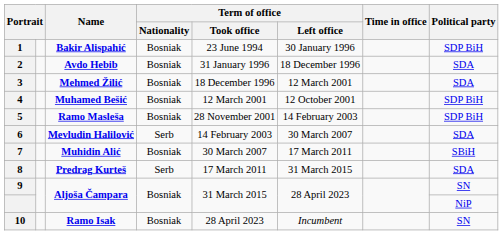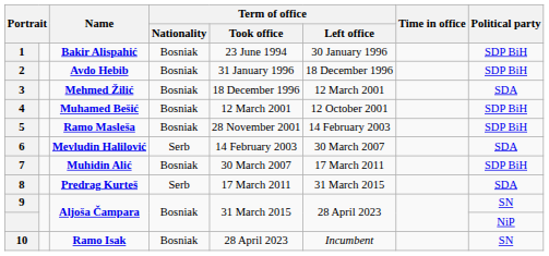 <table class="wikitable sortable" style="text-align: center;font-size:90%; border:1px #AAAAFF solid">
 <tr>
 <th rowspan=2 colspan=2>Portrait</th>
 <th rowspan=2>Name<br></th>
 <th colspan=3>Term of office</th>
 <th rowspan=2>Time in office</th>
 <th rowspan=2>Political party</th>
 </tr>
 <tr>
 <th>Nationality</th>
 <th>Took office</th>
 <th>Left office</th>
 </tr>
 <tr>
 <th style="background:">1</th>
 <td></td>
 <td><strong><a href='#'>Bakir Alispahić</a></strong><br></td>
 <td>Bosniak</td>
 <td>23 June 1994</td>
 <td>30 January 1996</td>
 <td></td>
 <td><a href='#'>SDP BiH</a></td>
 </tr>
 <tr>
 <th style="background:">2</th>
 <td></td>
 <td><strong><a href='#'>Avdo Hebib</a></strong></td>
 <td>Bosniak</td>
 <td>31 January 1996</td>
 <td>18 December 1996</td>
 <td></td>
-<td><a href='#'>SDA</a></td>
+<td><a href='#'>SDP BiH</a></td>
 </tr>
 <tr>
 <th style="background:">3</th>
 <td></td>
 <td><strong><a href='#'>Mehmed Žilić</a></strong><br></td>
 <td>Bosniak</td>
 <td>18 December 1996</td>
 <td>12 March 2001</td>
 <td></td>
 <td><a href='#'>SDA</a></td>
 </tr>
 <tr>
 <th style="background:">4</th>
 <td></td>
 <td><strong><a href='#'>Muhamed Bešić</a></strong><br></td>
 <td>Bosniak</td>
 <td>12 March 2001</td>
 <td>12 October 2001</td>
 <td></td>
 <td><a href='#'>SDP BiH</a></td>
 </tr>
 <tr>
 <th style="background:">5</th>
 <td></td>
 <td><strong><a href='#'>Ramo Masleša</a></strong></td>
 <td>Bosniak</td>
 <td>28 November 2001</td>
 <td>14 February 2003</td>
 <td></td>
 <td><a href='#'>SDP BiH</a></td>
 </tr>
 <tr>
 <th style="background:">6</th>
 <td></td>
 <td><strong><a href='#'>Mevludin Halilović</a></strong><br></td>
 <td>Serb</td>
 <td>14 February 2003</td>
 <td>30 March 2007</td>
 <td></td>
 <td><a href='#'>SDA</a></td>
 </tr>
 <tr>
 <th style="background:">7</th>
 <td></td>
 <td><strong><a href='#'>Muhidin Alić</a></strong><br></td>
 <td>Bosniak</td>
 <td>30 March 2007</td>
 <td>17 March 2011</td>
 <td></td>
-<td><a href='#'>SBiH</a></td>
+<td><a href='#'>SDP BiH</a></td>
 </tr>
 <tr>
 <th style="background:">8</th>
 <td></td>
 <td><strong><a href='#'>Predrag Kurteš</a></strong><br></td>
 <td>Serb</td>
 <td>17 March 2011</td>
 <td>31 March 2015</td>
 <td></td>
 <td><a href='#'>SDA</a><br></td>
 </tr>
 <tr>
 <th style="background:">9</th>
 <td rowspan=2></td>
 <td rowspan=2><strong><a href='#'>Aljoša Čampara</a></strong><br></td>
 <td rowspan=2>Bosniak</td>
 <td rowspan=2>31 March 2015</td>
 <td rowspan=2>28 April 2023</td>
 <td rowspan=2></td>
 <td><a href='#'>SN</a></td>
 </tr>
 <tr>
 <th style="background:"></th>
 <td><a href='#'>NiP</a><br></td>
 </tr>
 <tr>
 <th style="background:">10</th>
 <td></td>
 <td><strong><a href='#'>Ramo Isak</a></strong><br></td>
 <td>Bosniak</td>
 <td>28 April 2023</td>
 <td><em>Incumbent</em></td>
 <td></td>
 <td><a href='#'>SN</a></td>
 </tr>
 </table>
